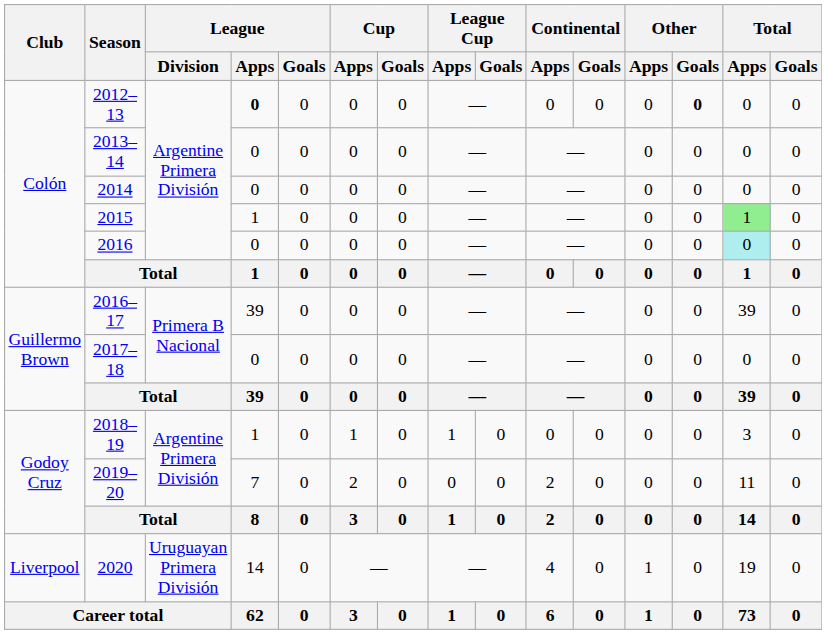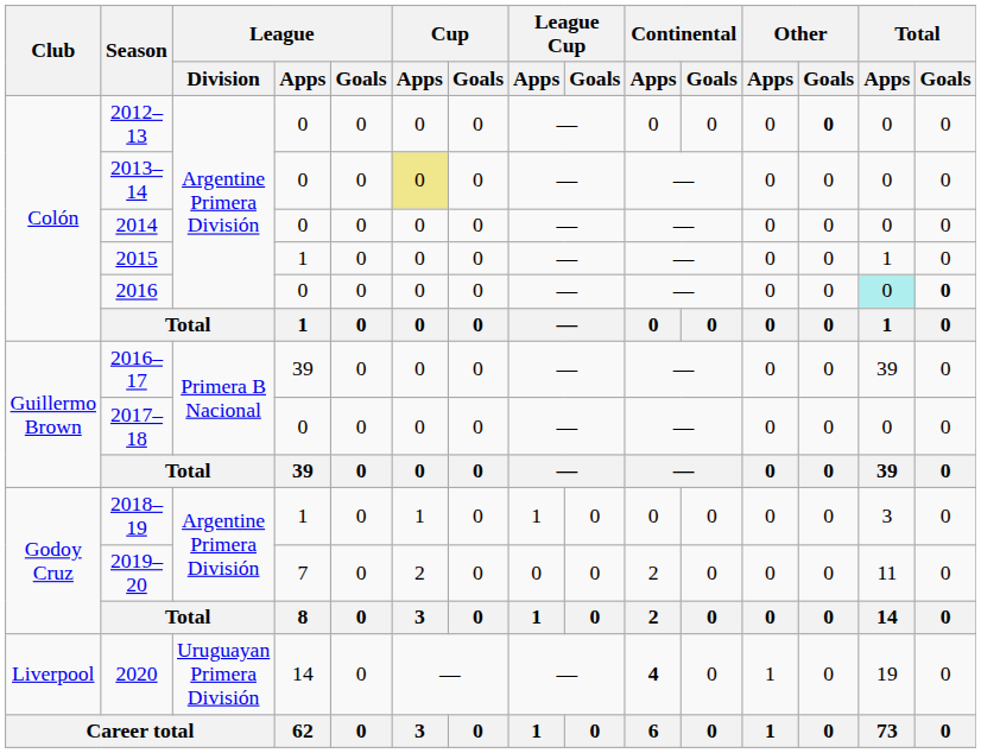 <table class="wikitable" style="text-align:center">
 <tr>
 <th rowspan="2">Club</th>
 <th rowspan="2">Season</th>
 <th colspan="3">League</th>
 <th colspan="2">Cup</th>
 <th colspan="2">League Cup</th>
 <th colspan="2">Continental</th>
 <th colspan="2">Other</th>
 <th colspan="2">Total</th>
 </tr>
 <tr>
 <th>Division</th>
 <th>Apps</th>
 <th>Goals</th>
 <th>Apps</th>
 <th>Goals</th>
 <th>Apps</th>
 <th>Goals</th>
 <th>Apps</th>
 <th>Goals</th>
 <th>Apps</th>
 <th>Goals</th>
 <th>Apps</th>
 <th>Goals</th>
 </tr>
 <tr>
 <td rowspan="6"><a href='#'>Colón</a></td>
 <td><a href='#'>2012–13</a></td>
 <td rowspan="5"><a href='#'>Argentine Primera División</a></td>
-<td><strong>0</strong></td>
+<td>0</td>
 <td>0</td>
 <td>0</td>
 <td>0</td>
 <td colspan="2">—</td>
 <td>0</td>
 <td>0</td>
 <td>0</td>
 <td><strong>0</strong></td>
 <td>0</td>
 <td>0</td>
 </tr>
 <tr>
 <td><a href='#'>2013–14</a></td>
 <td>0</td>
 <td>0</td>
-<td>0</td>
+<td style="background: khaki;">0</td>
 <td>0</td>
 <td colspan="2">—</td>
 <td colspan="2">—</td>
 <td>0</td>
 <td>0</td>
 <td>0</td>
 <td>0</td>
 </tr>
 <tr>
 <td><a href='#'>2014</a></td>
 <td>0</td>
 <td>0</td>
 <td>0</td>
 <td>0</td>
 <td colspan="2">—</td>
 <td colspan="2">—</td>
 <td>0</td>
 <td>0</td>
 <td>0</td>
 <td>0</td>
 </tr>
 <tr>
 <td><a href='#'>2015</a></td>
 <td>1</td>
 <td>0</td>
 <td>0</td>
 <td>0</td>
 <td colspan="2">—</td>
 <td colspan="2">—</td>
 <td>0</td>
 <td>0</td>
-<td style="background: lightgreen;">1</td>
+<td>1</td>
 <td>0</td>
 </tr>
 <tr>
 <td><a href='#'>2016</a></td>
 <td>0</td>
 <td>0</td>
 <td>0</td>
 <td>0</td>
 <td colspan="2">—</td>
 <td colspan="2">—</td>
 <td>0</td>
 <td>0</td>
 <td style="background: paleturquoise;">0</td>
-<td>0</td>
+<td><strong>0</strong></td>
 </tr>
 <tr>
 <th colspan="2">Total</th>
 <th>1</th>
 <th>0</th>
 <th>0</th>
 <th>0</th>
 <th colspan="2">—</th>
 <th>0</th>
 <th>0</th>
 <th>0</th>
 <th>0</th>
 <th>1</th>
 <th>0</th>
 </tr>
 <tr>
 <td rowspan="3"><a href='#'>Guillermo Brown</a></td>
 <td><a href='#'>2016–17</a></td>
 <td rowspan="2"><a href='#'>Primera B Nacional</a></td>
 <td>39</td>
 <td>0</td>
 <td>0</td>
 <td>0</td>
 <td colspan="2">—</td>
 <td colspan="2">—</td>
 <td>0</td>
 <td>0</td>
 <td>39</td>
 <td>0</td>
 </tr>
 <tr>
 <td><a href='#'>2017–18</a></td>
 <td>0</td>
 <td>0</td>
 <td>0</td>
 <td>0</td>
 <td colspan="2">—</td>
 <td colspan="2">—</td>
 <td>0</td>
 <td>0</td>
 <td>0</td>
 <td>0</td>
 </tr>
 <tr>
 <th colspan="2">Total</th>
 <th>39</th>
 <th>0</th>
 <th>0</th>
 <th>0</th>
 <th colspan="2">—</th>
 <th colspan="2">—</th>
 <th>0</th>
 <th>0</th>
 <th>39</th>
 <th>0</th>
 </tr>
 <tr>
 <td rowspan="3"><a href='#'>Godoy Cruz</a></td>
 <td><a href='#'>2018–19</a></td>
 <td rowspan="2"><a href='#'>Argentine Primera División</a></td>
 <td>1</td>
 <td>0</td>
 <td>1</td>
 <td>0</td>
 <td>1</td>
 <td>0</td>
 <td>0</td>
 <td>0</td>
 <td>0</td>
 <td>0</td>
 <td>3</td>
 <td>0</td>
 </tr>
 <tr>
 <td><a href='#'>2019–20</a></td>
 <td>7</td>
 <td>0</td>
 <td>2</td>
 <td>0</td>
 <td>0</td>
 <td>0</td>
 <td>2</td>
 <td>0</td>
 <td>0</td>
 <td>0</td>
 <td>11</td>
 <td>0</td>
 </tr>
 <tr>
 <th colspan="2">Total</th>
 <th>8</th>
 <th>0</th>
 <th>3</th>
 <th>0</th>
 <th>1</th>
 <th>0</th>
 <th>2</th>
 <th>0</th>
 <th>0</th>
 <th>0</th>
 <th>14</th>
 <th>0</th>
 </tr>
 <tr>
 <td rowspan="1"><a href='#'>Liverpool</a></td>
 <td><a href='#'>2020</a></td>
 <td rowspan="1"><a href='#'>Uruguayan Primera División</a></td>
 <td>14</td>
 <td>0</td>
 <td colspan="2">—</td>
 <td colspan="2">—</td>
-<td>4</td>
+<td><strong>4</strong></td>
 <td>0</td>
 <td>1</td>
 <td>0</td>
 <td>19</td>
 <td>0</td>
 </tr>
 <tr>
 <th colspan="3">Career total</th>
 <th>62</th>
 <th>0</th>
 <th>3</th>
 <th>0</th>
 <th>1</th>
 <th>0</th>
 <th>6</th>
 <th>0</th>
 <th>1</th>
 <th>0</th>
 <th>73</th>
 <th>0</th>
 </tr>
 </table>
